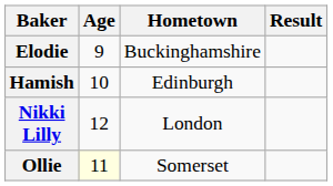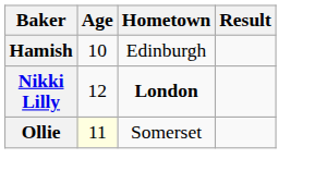 <table class="wikitable sortable" style="display:inline-table; text-align:center">
 <tr>
 <th scope="col">Baker</th>
 <th scope="col">Age</th>
 <th scope="col">Hometown</th>
 <th scope="col">Result</th>
-</tr>
-<tr>
-<th scope="row">Elodie</th>
-<td>9</td>
-<td>Buckinghamshire</td>
-<td></td>
 </tr>
 <tr>
 <th scope="row">Hamish</th>
 <td>10</td>
 <td>Edinburgh</td>
 <td></td>
 </tr>
 <tr>
 <th scope="row"><a href='#'>Nikki<br>Lilly</a></th>
 <td>12</td>
-<td>London</td>
+<td><strong>London</strong></td>
 <td></td>
 </tr>
 <tr>
 <th scope="row">Ollie</th>
 <td style="background: lightyellow;">11</td>
 <td>Somerset</td>
 <td></td>
 </tr>
 </table>
